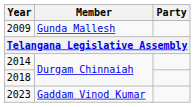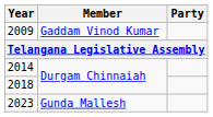 <table class="wikitable sortable">
 <tr>
 <th>Year</th>
 <th>Member</th>
 <th colspan=2>Party</th>
 </tr>
 <tr>
 <td>2009</td>
-<td><a href='#'>Gunda Mallesh</a></td>
+<td><a href='#'>Gaddam Vinod Kumar</a></td>
 <td></td>
 </tr>
 <tr>
 <th colspan=4><a href='#'>Telangana Legislative Assembly</a></th>
 </tr>
 <tr>
 <td>2014</td>
 <td rowspan=2><a href='#'>Durgam Chinnaiah</a></td>
 <td></td>
 </tr>
 <tr>
 <td>2018</td>
 </tr>
 <tr>
 <td>2023</td>
-<td><a href='#'>Gaddam Vinod Kumar</a></td>
+<td><a href='#'>Gunda Mallesh</a></td>
 <td></td>
 </tr>
 </table>
